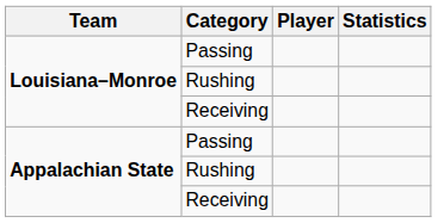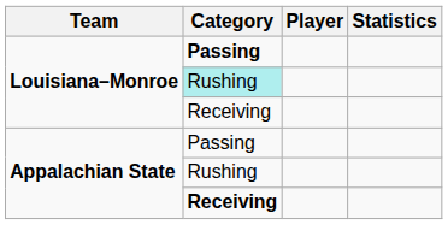 <table class="wikitable" style="float: left;">
 <tr>
 <th>Team</th>
 <th>Category</th>
 <th>Player</th>
 <th>Statistics</th>
 </tr>
 <tr>
 <td rowspan=3><strong>Louisiana–Monroe</strong></td>
-<td>Passing</td>
+<td><strong>Passing</strong></td>
 <td></td>
 <td></td>
 </tr>
 <tr>
-<td>Rushing</td>
+<td style="background: paleturquoise;">Rushing</td>
 <td></td>
 <td></td>
 </tr>
 <tr>
 <td>Receiving</td>
 <td></td>
 <td></td>
 </tr>
 <tr>
 <td rowspan=3><strong>Appalachian State</strong></td>
 <td>Passing</td>
 <td></td>
 <td></td>
 </tr>
 <tr>
 <td>Rushing</td>
 <td></td>
 <td></td>
 </tr>
 <tr>
-<td>Receiving</td>
+<td><strong>Receiving</strong></td>
 <td></td>
 <td></td>
 </tr>
 </table>
